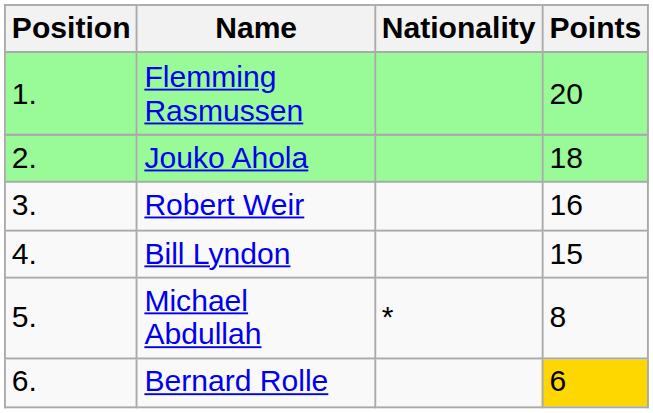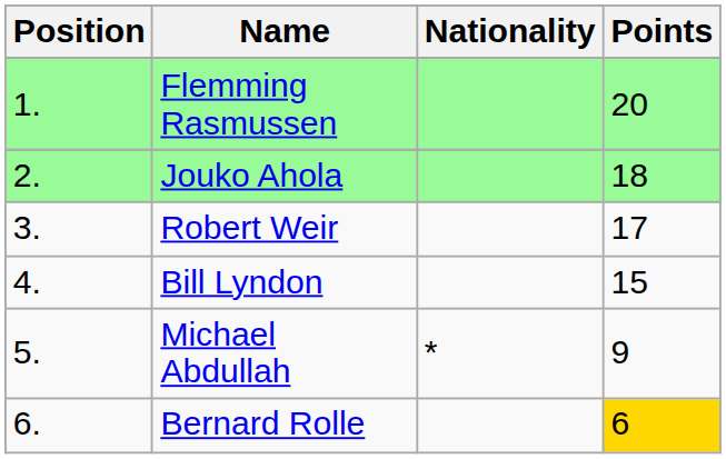 <table class="wikitable" style="display: inline-table; width: 55%;">
 <tr>
 <th>Position</th>
 <th>Name</th>
 <th>Nationality</th>
 <th>Points</th>
 </tr>
 <tr>
 </tr>
 <tr style="background:palegreen">
 <td>1.</td>
 <td><a href='#'>Flemming Rasmussen</a></td>
 <td></td>
 <td>20</td>
 </tr>
 <tr>
 </tr>
 <tr style="background:palegreen">
 <td>2.</td>
 <td><a href='#'>Jouko Ahola</a></td>
 <td></td>
 <td>18</td>
 </tr>
 <tr>
 <td>3.</td>
 <td><a href='#'>Robert Weir</a></td>
 <td></td>
-<td>16</td>
+<td>17</td>
 </tr>
 <tr>
 <td>4.</td>
 <td><a href='#'>Bill Lyndon</a></td>
 <td></td>
 <td>15</td>
 </tr>
 <tr>
 <td>5.</td>
 <td><a href='#'>Michael Abdullah</a></td>
 <td>*</td>
-<td>8</td>
+<td>9</td>
 </tr>
 <tr>
 <td>6.</td>
 <td><a href='#'>Bernard Rolle</a></td>
 <td></td>
 <td style="background: gold;">6</td>
 </tr>
 </table>
